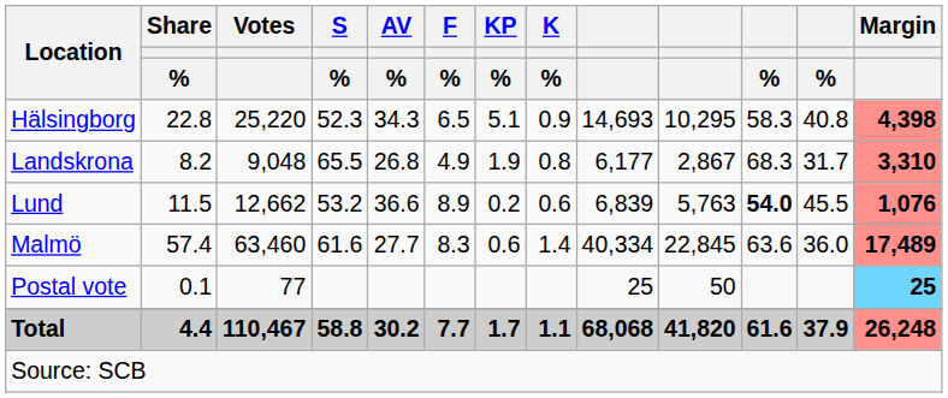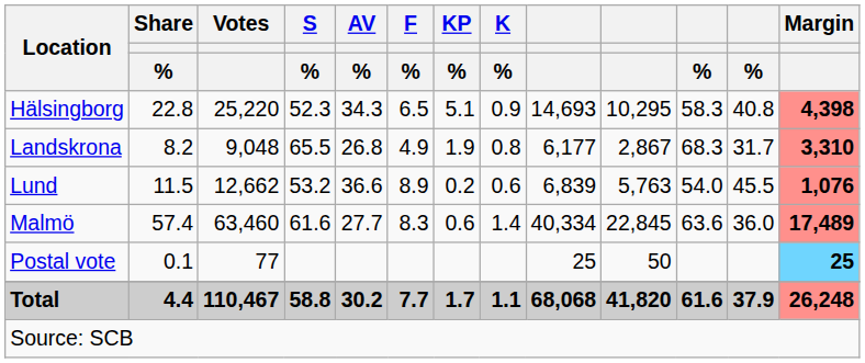 <table class="wikitable sortable" style="text-align:right; font-size:95%; line-height:20px;">
 <tr>
 <th rowspan="3">Location</th>
 <th>Share</th>
 <th>Votes</th>
 <th width="30px" class="unsortable"><a href='#'>S</a></th>
 <th width="30px" class="unsortable"><a href='#'>AV</a></th>
 <th width="30px" class="unsortable"><a href='#'>F</a></th>
 <th width="30px" class="unsortable"><a href='#'>KP</a></th>
 <th width="30px" class="unsortable"><a href='#'>K</a></th>
 <th></th>
 <th></th>
 <th></th>
 <th></th>
 <th>Margin</th>
 </tr>
 <tr>
 <th></th>
 <th></th>
 <th style="background:"></th>
 <th style="background:"></th>
 <th style="background:"></th>
 <th style="background:"></th>
 <th style="background:"></th>
 <th style="background:"></th>
 <th style="background:"></th>
 <th style="background:"></th>
 <th style="background:"></th>
 <th></th>
 </tr>
 <tr>
 <th data-sort-type="number">%</th>
 <th></th>
 <th data-sort-type="number">%</th>
 <th data-sort-type="number">%</th>
 <th data-sort-type="number">%</th>
 <th data-sort-type="number">%</th>
 <th data-sort-type="number">%</th>
 <th></th>
 <th></th>
 <th data-sort-type="number">%</th>
 <th data-sort-type="number">%</th>
 <th></th>
 </tr>
 <tr>
 <td align=left><a href='#'>Hälsingborg</a></td>
 <td>22.8</td>
 <td>25,220</td>
 <td>52.3</td>
 <td>34.3</td>
 <td>6.5</td>
 <td>5.1</td>
 <td>0.9</td>
 <td>14,693</td>
 <td>10,295</td>
 <td>58.3</td>
 <td>40.8</td>
 <td bgcolor=#ff908c><strong>4,398</strong></td>
 </tr>
 <tr>
 <td align=left><a href='#'>Landskrona</a></td>
 <td>8.2</td>
 <td>9,048</td>
 <td>65.5</td>
 <td>26.8</td>
 <td>4.9</td>
 <td>1.9</td>
 <td>0.8</td>
 <td>6,177</td>
 <td>2,867</td>
 <td>68.3</td>
 <td>31.7</td>
 <td bgcolor=#ff908c><strong>3,310</strong></td>
 </tr>
 <tr>
 <td align=left><a href='#'>Lund</a></td>
 <td>11.5</td>
 <td>12,662</td>
 <td>53.2</td>
 <td>36.6</td>
 <td>8.9</td>
 <td>0.2</td>
 <td>0.6</td>
 <td>6,839</td>
 <td>5,763</td>
-<td><strong>54.0</strong></td>
+<td>54.0</td>
 <td>45.5</td>
 <td bgcolor=#ff908c><strong>1,076</strong></td>
 </tr>
 <tr>
 <td align=left><a href='#'>Malmö</a></td>
 <td>57.4</td>
 <td>63,460</td>
 <td>61.6</td>
 <td>27.7</td>
 <td>8.3</td>
 <td>0.6</td>
 <td>1.4</td>
 <td>40,334</td>
 <td>22,845</td>
 <td>63.6</td>
 <td>36.0</td>
 <td bgcolor=#ff908c><strong>17,489</strong></td>
 </tr>
 <tr>
 <td align=left><a href='#'>Postal vote</a></td>
 <td>0.1</td>
 <td>77</td>
 <td></td>
 <td></td>
 <td></td>
 <td></td>
 <td></td>
 <td>25</td>
 <td>50</td>
 <td></td>
 <td></td>
 <td bgcolor=#6fd5fe><strong>25</strong></td>
 </tr>
 <tr>
 </tr>
 <tr style="background:#CDCDCD;">
 <td align=left><strong>Total</strong></td>
 <td><strong>4.4</strong></td>
 <td><strong>110,467</strong></td>
 <td><strong>58.8</strong></td>
 <td><strong>30.2</strong></td>
 <td><strong>7.7</strong></td>
 <td><strong>1.7</strong></td>
 <td><strong>1.1</strong></td>
 <td><strong>68,068</strong></td>
 <td><strong>41,820</strong></td>
 <td><strong>61.6</strong></td>
 <td><strong>37.9</strong></td>
 <td bgcolor=#ff908c><strong>26,248</strong></td>
 </tr>
 <tr>
 <td align=left colspan=13>Source: SCB </td>
 </tr>
 </table>
